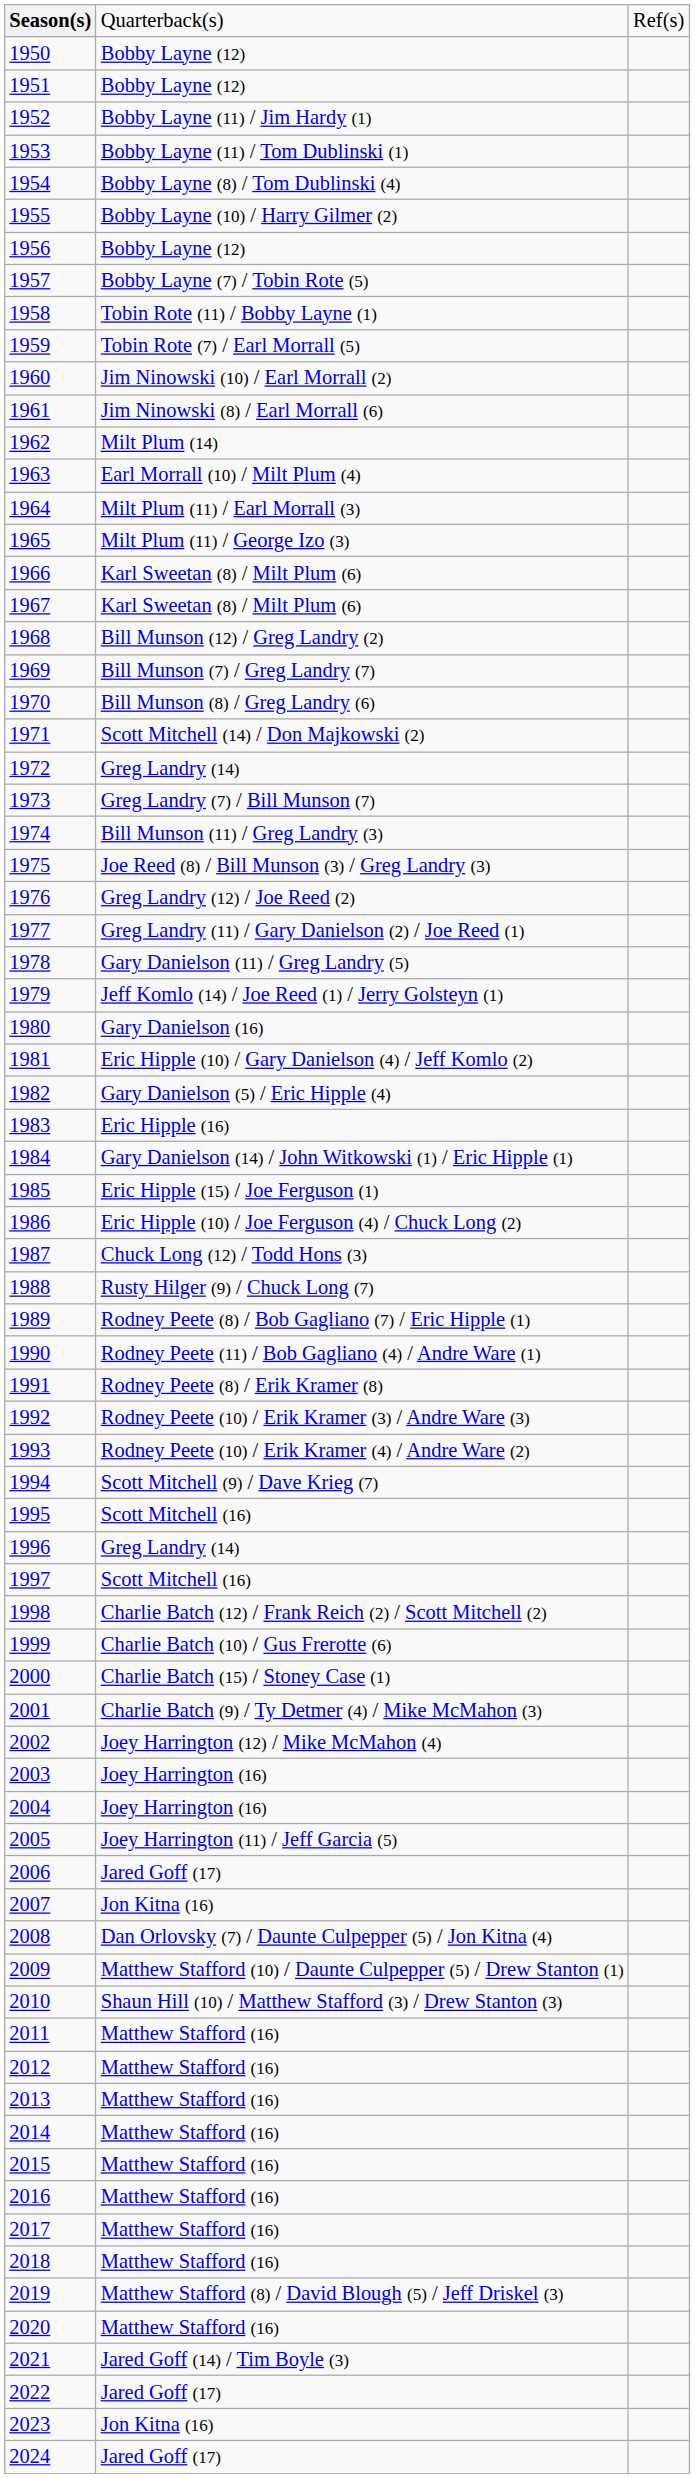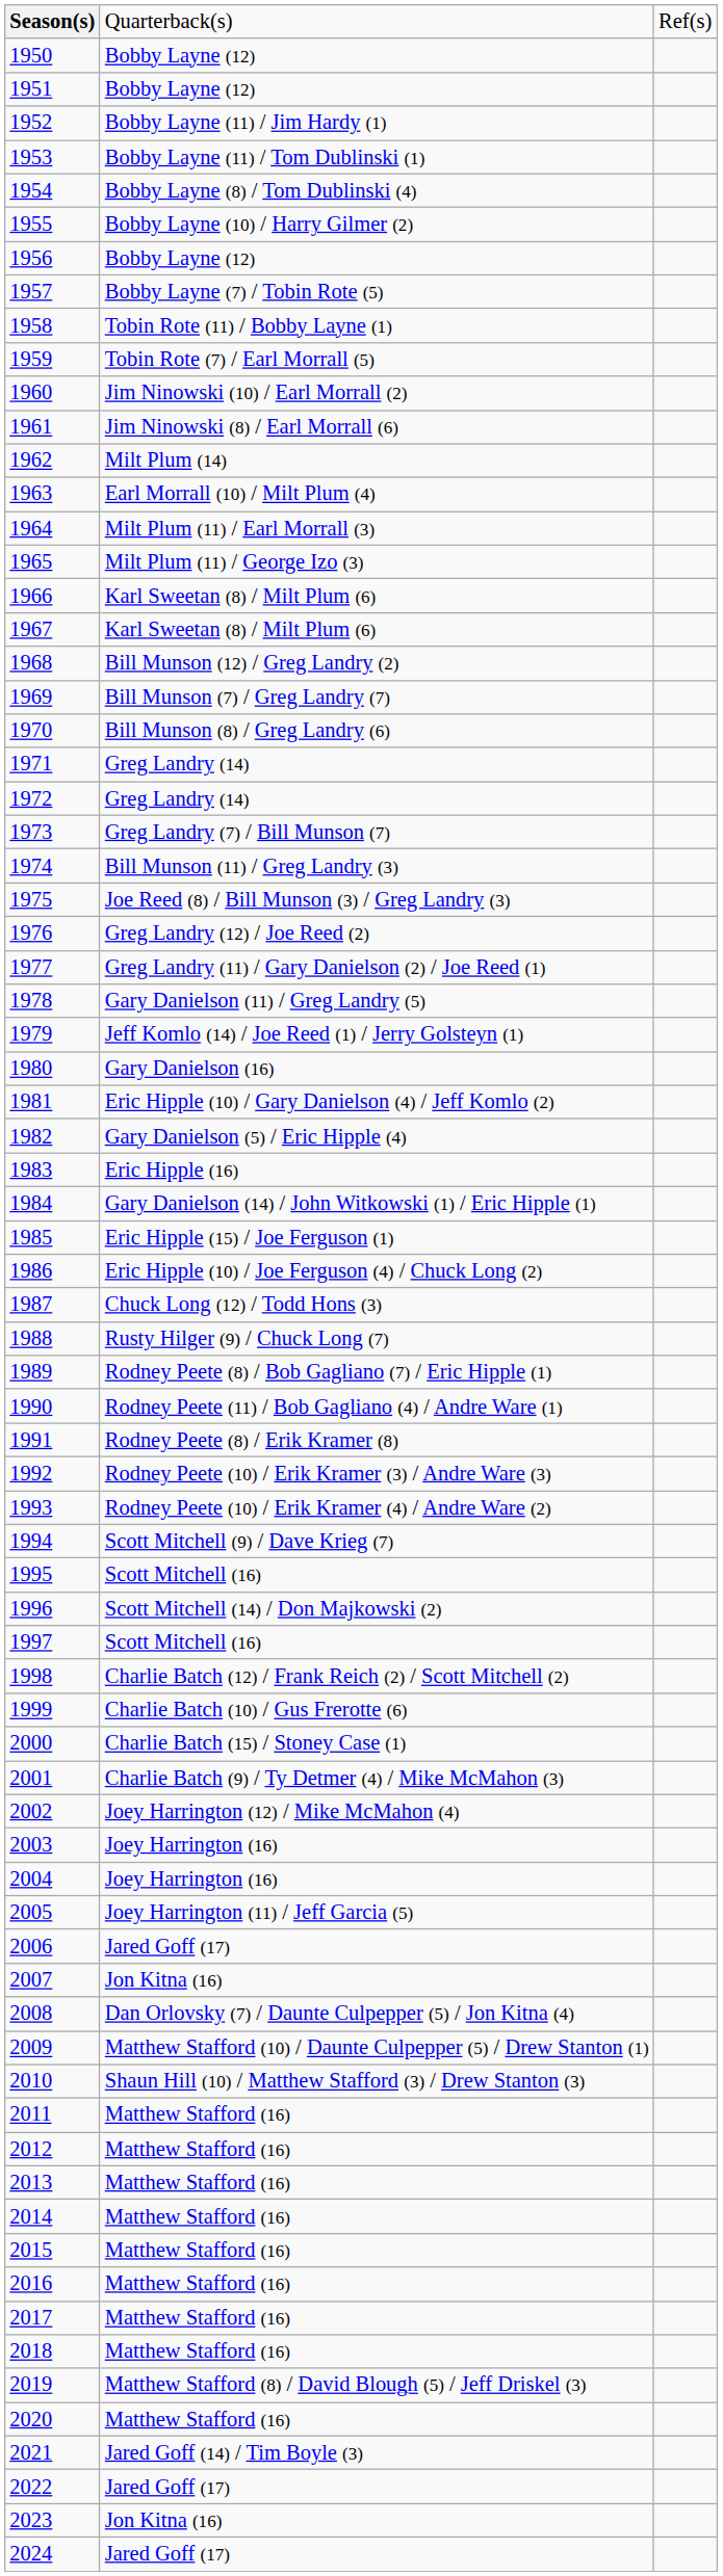 <table class="wikitable defaultcenter col2left">
 <tr>
 <th>Season(s)</th>
 <td>Quarterback(s)</td>
 <td>Ref(s)</td>
 </tr>
 <tr>
 <td><a href='#'>1950</a></td>
 <td><a href='#'>Bobby Layne</a> <small>(12)</small></td>
 <td></td>
 </tr>
 <tr>
 <td><a href='#'>1951</a></td>
 <td><a href='#'>Bobby Layne</a> <small>(12)</small></td>
 <td></td>
 </tr>
 <tr>
 <td><a href='#'>1952</a></td>
 <td><a href='#'>Bobby Layne</a> <small>(11)</small> / <a href='#'>Jim Hardy</a> <small>(1)</small></td>
 <td></td>
 </tr>
 <tr>
 <td><a href='#'>1953</a></td>
 <td><a href='#'>Bobby Layne</a> <small>(11)</small> / <a href='#'>Tom Dublinski</a> <small>(1)</small></td>
 <td></td>
 </tr>
 <tr>
 <td><a href='#'>1954</a></td>
 <td><a href='#'>Bobby Layne</a> <small>(8)</small> / <a href='#'>Tom Dublinski</a> <small>(4)</small></td>
 <td></td>
 </tr>
 <tr>
 <td><a href='#'>1955</a></td>
 <td><a href='#'>Bobby Layne</a> <small>(10)</small> / <a href='#'>Harry Gilmer</a> <small>(2)</small></td>
 <td></td>
 </tr>
 <tr>
 <td><a href='#'>1956</a></td>
 <td><a href='#'>Bobby Layne</a> <small>(12)</small></td>
 <td></td>
 </tr>
 <tr>
 <td><a href='#'>1957</a></td>
 <td><a href='#'>Bobby Layne</a> <small>(7)</small> / <a href='#'>Tobin Rote</a> <small>(5)</small></td>
 <td></td>
 </tr>
 <tr>
 <td><a href='#'>1958</a></td>
 <td><a href='#'>Tobin Rote</a> <small>(11)</small> / <a href='#'>Bobby Layne</a> <small>(1)</small></td>
 <td></td>
 </tr>
 <tr>
 <td><a href='#'>1959</a></td>
 <td><a href='#'>Tobin Rote</a> <small>(7)</small> / <a href='#'>Earl Morrall</a> <small>(5)</small></td>
 <td></td>
 </tr>
 <tr>
 <td><a href='#'>1960</a></td>
 <td><a href='#'>Jim Ninowski</a> <small>(10)</small> / <a href='#'>Earl Morrall</a> <small>(2)</small></td>
 <td></td>
 </tr>
 <tr>
 <td><a href='#'>1961</a></td>
 <td><a href='#'>Jim Ninowski</a> <small>(8)</small> / <a href='#'>Earl Morrall</a> <small>(6)</small></td>
 <td></td>
 </tr>
 <tr>
 <td><a href='#'>1962</a></td>
 <td><a href='#'>Milt Plum</a> <small>(14)</small></td>
 <td></td>
 </tr>
 <tr>
 <td><a href='#'>1963</a></td>
 <td><a href='#'>Earl Morrall</a> <small>(10)</small> / <a href='#'>Milt Plum</a> <small>(4)</small></td>
 <td></td>
 </tr>
 <tr>
 <td><a href='#'>1964</a></td>
 <td><a href='#'>Milt Plum</a> <small>(11)</small> / <a href='#'>Earl Morrall</a> <small>(3)</small></td>
 <td></td>
 </tr>
 <tr>
 <td><a href='#'>1965</a></td>
 <td><a href='#'>Milt Plum</a> <small>(11)</small> / <a href='#'>George Izo</a> <small>(3)</small></td>
 <td></td>
 </tr>
 <tr>
 <td><a href='#'>1966</a></td>
 <td><a href='#'>Karl Sweetan</a> <small>(8)</small> / <a href='#'>Milt Plum</a> <small>(6)</small></td>
 <td></td>
 </tr>
 <tr>
 <td><a href='#'>1967</a></td>
 <td><a href='#'>Karl Sweetan</a> <small>(8)</small> / <a href='#'>Milt Plum</a> <small>(6)</small></td>
 <td></td>
 </tr>
 <tr>
 <td><a href='#'>1968</a></td>
 <td><a href='#'>Bill Munson</a> <small>(12)</small> / <a href='#'>Greg Landry</a> <small>(2)</small></td>
 <td></td>
 </tr>
 <tr>
 <td><a href='#'>1969</a></td>
 <td><a href='#'>Bill Munson</a> <small>(7)</small> / <a href='#'>Greg Landry</a> <small>(7)</small></td>
 <td></td>
 </tr>
 <tr>
 <td><a href='#'>1970</a></td>
 <td><a href='#'>Bill Munson</a> <small>(8)</small> / <a href='#'>Greg Landry</a> <small>(6)</small></td>
 <td></td>
 </tr>
 <tr>
 <td><a href='#'>1971</a></td>
-<td><a href='#'>Scott Mitchell</a> <small>(14)</small> / <a href='#'>Don Majkowski</a> <small>(2)</small></td>
+<td><a href='#'>Greg Landry</a> <small>(14)</small></td>
 <td></td>
 </tr>
 <tr>
 <td><a href='#'>1972</a></td>
 <td><a href='#'>Greg Landry</a> <small>(14)</small></td>
 <td></td>
 </tr>
 <tr>
 <td><a href='#'>1973</a></td>
 <td><a href='#'>Greg Landry</a> <small>(7)</small> / <a href='#'>Bill Munson</a> <small>(7)</small></td>
 <td></td>
 </tr>
 <tr>
 <td><a href='#'>1974</a></td>
 <td><a href='#'>Bill Munson</a> <small>(11)</small> / <a href='#'>Greg Landry</a> <small>(3)</small></td>
 <td></td>
 </tr>
 <tr>
 <td><a href='#'>1975</a></td>
 <td><a href='#'>Joe Reed</a> <small>(8)</small> / <a href='#'>Bill Munson</a> <small>(3)</small> / <a href='#'>Greg Landry</a> <small>(3)</small></td>
 <td></td>
 </tr>
 <tr>
 <td><a href='#'>1976</a></td>
 <td><a href='#'>Greg Landry</a> <small>(12)</small> / <a href='#'>Joe Reed</a> <small>(2)</small></td>
 <td></td>
 </tr>
 <tr>
 <td><a href='#'>1977</a></td>
 <td><a href='#'>Greg Landry</a> <small>(11)</small> / <a href='#'>Gary Danielson</a> <small>(2)</small> / <a href='#'>Joe Reed</a> <small>(1)</small></td>
 <td></td>
 </tr>
 <tr>
 <td><a href='#'>1978</a></td>
 <td><a href='#'>Gary Danielson</a> <small>(11)</small> / <a href='#'>Greg Landry</a> <small>(5)</small></td>
 <td></td>
 </tr>
 <tr>
 <td><a href='#'>1979</a></td>
 <td><a href='#'>Jeff Komlo</a> <small>(14)</small> / <a href='#'>Joe Reed</a> <small>(1)</small> / <a href='#'>Jerry Golsteyn</a> <small>(1)</small></td>
 <td></td>
 </tr>
 <tr>
 <td><a href='#'>1980</a></td>
 <td><a href='#'>Gary Danielson</a> <small>(16)</small></td>
 <td></td>
 </tr>
 <tr>
 <td><a href='#'>1981</a></td>
 <td><a href='#'>Eric Hipple</a> <small>(10)</small> / <a href='#'>Gary Danielson</a> <small>(4)</small> / <a href='#'>Jeff Komlo</a> <small>(2)</small></td>
 <td></td>
 </tr>
 <tr>
 <td><a href='#'>1982</a></td>
 <td><a href='#'>Gary Danielson</a> <small>(5)</small> / <a href='#'>Eric Hipple</a> <small>(4)</small></td>
 <td></td>
 </tr>
 <tr>
 <td><a href='#'>1983</a></td>
 <td><a href='#'>Eric Hipple</a> <small>(16)</small></td>
 <td></td>
 </tr>
 <tr>
 <td><a href='#'>1984</a></td>
 <td><a href='#'>Gary Danielson</a> <small>(14)</small> / <a href='#'>John Witkowski</a> <small>(1)</small> / <a href='#'>Eric Hipple</a> <small>(1)</small></td>
 <td></td>
 </tr>
 <tr>
 <td><a href='#'>1985</a></td>
 <td><a href='#'>Eric Hipple</a> <small>(15)</small> / <a href='#'>Joe Ferguson</a> <small>(1)</small></td>
 <td></td>
 </tr>
 <tr>
 <td><a href='#'>1986</a></td>
 <td><a href='#'>Eric Hipple</a> <small>(10)</small> / <a href='#'>Joe Ferguson</a> <small>(4)</small> / <a href='#'>Chuck Long</a> <small>(2)</small></td>
 <td></td>
 </tr>
 <tr>
 <td><a href='#'>1987</a></td>
 <td><a href='#'>Chuck Long</a> <small>(12)</small> / <a href='#'>Todd Hons</a> <small>(3)</small></td>
 <td></td>
 </tr>
 <tr>
 <td><a href='#'>1988</a></td>
 <td><a href='#'>Rusty Hilger</a> <small>(9)</small> / <a href='#'>Chuck Long</a> <small>(7)</small></td>
 <td></td>
 </tr>
 <tr>
 <td><a href='#'>1989</a></td>
 <td><a href='#'>Rodney Peete</a> <small>(8)</small> / <a href='#'>Bob Gagliano</a> <small>(7)</small> / <a href='#'>Eric Hipple</a> <small>(1)</small></td>
 <td></td>
 </tr>
 <tr>
 <td><a href='#'>1990</a></td>
 <td><a href='#'>Rodney Peete</a> <small>(11)</small> / <a href='#'>Bob Gagliano</a> <small>(4)</small> / <a href='#'>Andre Ware</a> <small>(1)</small></td>
 <td></td>
 </tr>
 <tr>
 <td><a href='#'>1991</a></td>
 <td><a href='#'>Rodney Peete</a> <small>(8)</small> / <a href='#'>Erik Kramer</a> <small>(8)</small></td>
 <td></td>
 </tr>
 <tr>
 <td><a href='#'>1992</a></td>
 <td><a href='#'>Rodney Peete</a> <small>(10)</small> / <a href='#'>Erik Kramer</a> <small>(3)</small> / <a href='#'>Andre Ware</a> <small>(3)</small></td>
 <td></td>
 </tr>
 <tr>
 <td><a href='#'>1993</a></td>
 <td><a href='#'>Rodney Peete</a> <small>(10)</small> / <a href='#'>Erik Kramer</a> <small>(4)</small> / <a href='#'>Andre Ware</a> <small>(2)</small></td>
 <td></td>
 </tr>
 <tr>
 <td><a href='#'>1994</a></td>
 <td><a href='#'>Scott Mitchell</a> <small>(9)</small> / <a href='#'>Dave Krieg</a> <small>(7)</small></td>
 <td></td>
 </tr>
 <tr>
 <td><a href='#'>1995</a></td>
 <td><a href='#'>Scott Mitchell</a> <small>(16)</small></td>
 <td></td>
 </tr>
 <tr>
 <td><a href='#'>1996</a></td>
-<td><a href='#'>Greg Landry</a> <small>(14)</small></td>
+<td><a href='#'>Scott Mitchell</a> <small>(14)</small> / <a href='#'>Don Majkowski</a> <small>(2)</small></td>
 <td></td>
 </tr>
 <tr>
 <td><a href='#'>1997</a></td>
 <td><a href='#'>Scott Mitchell</a> <small>(16)</small></td>
 <td></td>
 </tr>
 <tr>
 <td><a href='#'>1998</a></td>
 <td><a href='#'>Charlie Batch</a> <small>(12)</small> / <a href='#'>Frank Reich</a> <small>(2)</small> / <a href='#'>Scott Mitchell</a> <small>(2)</small></td>
 <td></td>
 </tr>
 <tr>
 <td><a href='#'>1999</a></td>
 <td><a href='#'>Charlie Batch</a> <small>(10)</small> / <a href='#'>Gus Frerotte</a> <small>(6)</small></td>
 <td></td>
 </tr>
 <tr>
 <td><a href='#'>2000</a></td>
 <td><a href='#'>Charlie Batch</a> <small>(15)</small> / <a href='#'>Stoney Case</a> <small>(1)</small></td>
 <td></td>
 </tr>
 <tr>
 <td><a href='#'>2001</a></td>
 <td><a href='#'>Charlie Batch</a> <small>(9)</small> / <a href='#'>Ty Detmer</a> <small>(4)</small> / <a href='#'>Mike McMahon</a> <small>(3)</small></td>
 <td></td>
 </tr>
 <tr>
 <td><a href='#'>2002</a></td>
 <td><a href='#'>Joey Harrington</a> <small>(12)</small> / <a href='#'>Mike McMahon</a> <small>(4)</small></td>
 <td></td>
 </tr>
 <tr>
 <td><a href='#'>2003</a></td>
 <td><a href='#'>Joey Harrington</a> <small>(16)</small></td>
 <td></td>
 </tr>
 <tr>
 <td><a href='#'>2004</a></td>
 <td><a href='#'>Joey Harrington</a> <small>(16)</small></td>
 <td></td>
 </tr>
 <tr>
 <td><a href='#'>2005</a></td>
 <td><a href='#'>Joey Harrington</a> <small>(11)</small> / <a href='#'>Jeff Garcia</a> <small>(5)</small></td>
 <td></td>
 </tr>
 <tr>
 <td><a href='#'>2006</a></td>
 <td><a href='#'>Jared Goff</a> <small>(17)</small></td>
 <td></td>
 </tr>
 <tr>
 <td><a href='#'>2007</a></td>
 <td><a href='#'>Jon Kitna</a> <small>(16)</small></td>
 <td></td>
 </tr>
 <tr>
 <td><a href='#'>2008</a></td>
 <td><a href='#'>Dan Orlovsky</a> <small>(7)</small> / <a href='#'>Daunte Culpepper</a> <small>(5)</small> / <a href='#'>Jon Kitna</a> <small>(4)</small></td>
 <td></td>
 </tr>
 <tr>
 <td><a href='#'>2009</a></td>
 <td><a href='#'>Matthew Stafford</a> <small>(10)</small> / <a href='#'>Daunte Culpepper</a> <small>(5)</small> / <a href='#'>Drew Stanton</a> <small>(1)</small></td>
 <td></td>
 </tr>
 <tr>
 <td><a href='#'>2010</a></td>
 <td><a href='#'>Shaun Hill</a> <small>(10)</small> / <a href='#'>Matthew Stafford</a> <small>(3)</small> / <a href='#'>Drew Stanton</a> <small>(3)</small></td>
 <td></td>
 </tr>
 <tr>
 <td><a href='#'>2011</a></td>
 <td><a href='#'>Matthew Stafford</a> <small>(16)</small></td>
 <td></td>
 </tr>
 <tr>
 <td><a href='#'>2012</a></td>
 <td><a href='#'>Matthew Stafford</a> <small>(16)</small></td>
 <td></td>
 </tr>
 <tr>
 <td><a href='#'>2013</a></td>
 <td><a href='#'>Matthew Stafford</a> <small>(16)</small></td>
 <td></td>
 </tr>
 <tr>
 <td><a href='#'>2014</a></td>
 <td><a href='#'>Matthew Stafford</a> <small>(16)</small></td>
 <td></td>
 </tr>
 <tr>
 <td><a href='#'>2015</a></td>
 <td><a href='#'>Matthew Stafford</a> <small>(16)</small></td>
 <td></td>
 </tr>
 <tr>
 <td><a href='#'>2016</a></td>
 <td><a href='#'>Matthew Stafford</a> <small>(16)</small></td>
 <td></td>
 </tr>
 <tr>
 <td><a href='#'>2017</a></td>
 <td><a href='#'>Matthew Stafford</a> <small>(16)</small></td>
 <td></td>
 </tr>
 <tr>
 <td><a href='#'>2018</a></td>
 <td><a href='#'>Matthew Stafford</a> <small>(16)</small></td>
 <td></td>
 </tr>
 <tr>
 <td><a href='#'>2019</a></td>
 <td><a href='#'>Matthew Stafford</a> <small>(8)</small> / <a href='#'>David Blough</a> <small>(5)</small> / <a href='#'>Jeff Driskel</a> <small>(3)</small></td>
 <td></td>
 </tr>
 <tr>
 <td><a href='#'>2020</a></td>
 <td><a href='#'>Matthew Stafford</a> <small>(16)</small></td>
 <td></td>
 </tr>
 <tr>
 <td><a href='#'>2021</a></td>
 <td><a href='#'>Jared Goff</a> <small>(14)</small> / <a href='#'>Tim Boyle</a> <small>(3)</small></td>
 <td></td>
 </tr>
 <tr>
 <td><a href='#'>2022</a></td>
 <td><a href='#'>Jared Goff</a> <small>(17)</small></td>
 <td></td>
 </tr>
 <tr>
 <td><a href='#'>2023</a></td>
 <td><a href='#'>Jon Kitna</a> <small>(16)</small></td>
 <td></td>
 </tr>
 <tr>
 <td><a href='#'>2024</a></td>
 <td><a href='#'>Jared Goff</a> <small>(17)</small></td>
 <td></td>
 </tr>
 </table>
